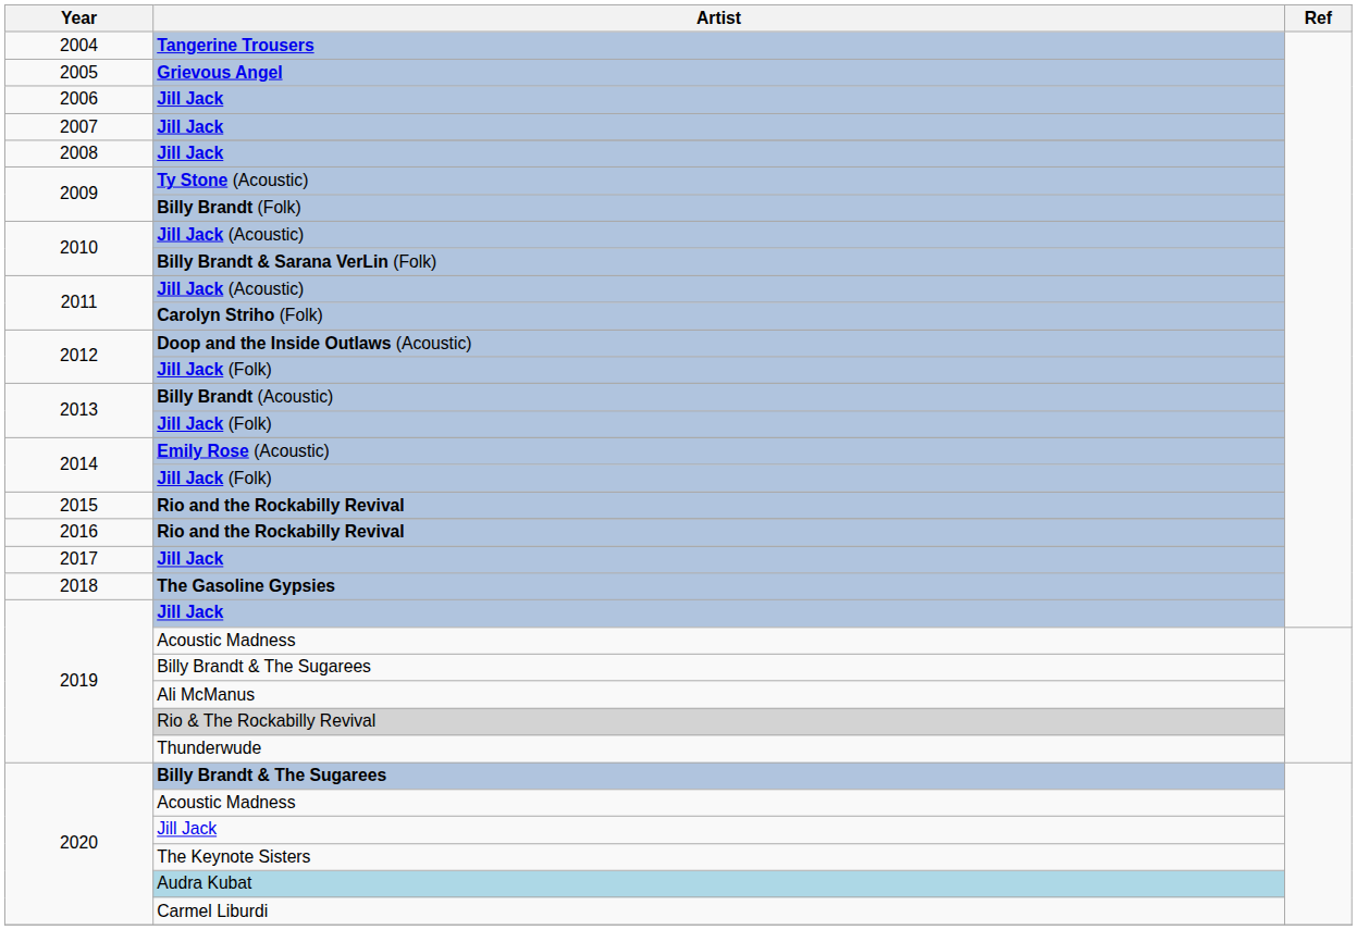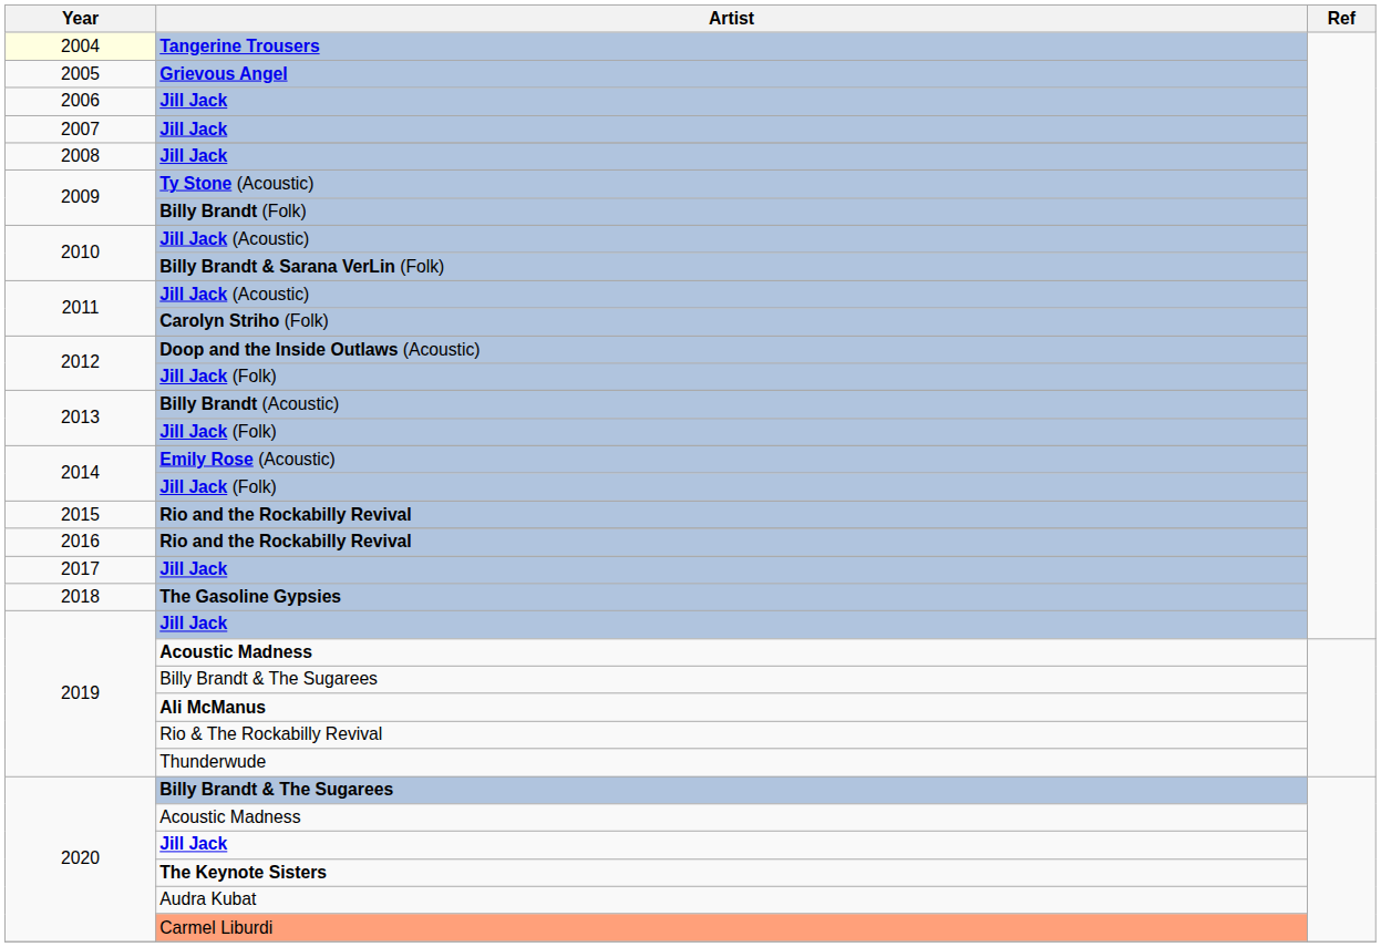 <table class="wikitable" style="width:100%;">
 <tr>
 <th style="width:11%;">Year</th>
 <th style="width:84%;">Artist</th>
 <th style="width:5%;">Ref</th>
 </tr>
 <tr>
-<td align="center">2004</td>
+<td align="center" style="background: lightyellow;">2004</td>
 <td style="background:#B0C4DE"><strong><a href='#'>Tangerine Trousers</a></strong></td>
 <td rowspan="33"></td>
 </tr>
 <tr>
 <td align="center">2005</td>
 <td style="background:#B0C4DE"><strong><a href='#'>Grievous Angel</a></strong></td>
 </tr>
 <tr>
 <td align="center">2006</td>
 <td style="background:#B0C4DE"><strong><a href='#'>Jill Jack</a></strong></td>
 </tr>
 <tr>
 <td rowspan="2" align="center">2007</td>
 </tr>
 <tr style="background:#B0C4DE">
 <td><strong><a href='#'>Jill Jack</a></strong></td>
 </tr>
 <tr>
 <td rowspan="2" align="center">2008</td>
 </tr>
 <tr style="background:#B0C4DE">
 <td><strong><a href='#'>Jill Jack</a></strong></td>
 </tr>
 <tr>
 <td rowspan="3" align="center">2009</td>
 </tr>
 <tr style="background:#B0C4DE">
 <td><strong><a href='#'>Ty Stone</a></strong> (Acoustic)</td>
 </tr>
 <tr style="background:#B0C4DE">
 <td><strong>Billy Brandt</strong> (Folk)</td>
 </tr>
 <tr>
 <td rowspan="3" align="center">2010</td>
 </tr>
 <tr style="background:#B0C4DE">
 <td><strong><a href='#'>Jill Jack</a></strong> (Acoustic)</td>
 </tr>
 <tr style="background:#B0C4DE">
 <td><strong>Billy Brandt & Sarana VerLin</strong> (Folk)</td>
 </tr>
 <tr>
 <td rowspan="3" align="center">2011</td>
 </tr>
 <tr style="background:#B0C4DE">
 <td><strong><a href='#'>Jill Jack</a></strong> (Acoustic)</td>
 </tr>
 <tr style="background:#B0C4DE">
 <td><strong>Carolyn Striho</strong> (Folk)</td>
 </tr>
 <tr>
 <td rowspan="3" align="center">2012</td>
 </tr>
 <tr style="background:#B0C4DE">
 <td><strong>Doop and the Inside Outlaws</strong> (Acoustic)</td>
 </tr>
 <tr style="background:#B0C4DE">
 <td><strong><a href='#'>Jill Jack</a></strong> (Folk)</td>
 </tr>
 <tr>
 <td rowspan="3" align="center">2013</td>
 </tr>
 <tr style="background:#B0C4DE">
 <td><strong>Billy Brandt</strong> (Acoustic)</td>
 </tr>
 <tr style="background:#B0C4DE">
 <td><strong><a href='#'>Jill Jack</a></strong> (Folk)</td>
 </tr>
 <tr>
 <td rowspan="3" align="center">2014</td>
 </tr>
 <tr style="background:#B0C4DE">
 <td><a href='#'><strong>Emily Rose</strong></a> (Acoustic)</td>
 </tr>
 <tr style="background:#B0C4DE">
 <td><strong><a href='#'>Jill Jack</a></strong> (Folk)</td>
 </tr>
 <tr>
 <td rowspan="2" align="center">2015</td>
 </tr>
 <tr style="background:#B0C4DE">
 <td><strong>Rio and the Rockabilly Revival</strong></td>
 </tr>
 <tr>
 <td rowspan="2" align="center">2016</td>
 </tr>
 <tr style="background:#B0C4DE">
 <td><strong>Rio and the Rockabilly Revival</strong></td>
 </tr>
 <tr>
 <td rowspan="2" align="center">2017</td>
 </tr>
 <tr style="background:#B0C4DE">
 <td><strong><a href='#'>Jill Jack</a></strong></td>
 </tr>
 <tr>
 <td align="center">2018</td>
 <td style="background:#B0C4DE"><strong>The Gasoline Gypsies</strong></td>
 </tr>
 <tr>
 <td rowspan="6" align="center">2019</td>
 <td style="background:#B0C4DE"><strong><a href='#'>Jill Jack</a></strong></td>
 </tr>
 <tr>
-<td>Acoustic Madness</td>
+<td><strong>Acoustic Madness</strong></td>
 <td rowspan="5"></td>
 </tr>
 <tr>
 <td>Billy Brandt & The Sugarees</td>
 </tr>
 <tr>
-<td>Ali McManus</td>
+<td><strong>Ali McManus</strong></td>
 </tr>
 <tr>
-<td style="background: lightgrey;">Rio & The Rockabilly Revival</td>
+<td>Rio & The Rockabilly Revival</td>
 </tr>
 <tr>
 <td>Thunderwude</td>
 </tr>
 <tr>
 <td rowspan="6" align="center">2020</td>
 <td style="background:#B0C4DE"><strong>Billy Brandt & The Sugarees</strong></td>
 <td rowspan="6"></td>
 </tr>
 <tr>
 <td>Acoustic Madness</td>
 </tr>
 <tr>
-<td><a href='#'>Jill Jack</a></td>
+<td><strong><a href='#'>Jill Jack</a></strong></td>
 </tr>
 <tr>
-<td>The Keynote Sisters</td>
+<td><strong>The Keynote Sisters</strong></td>
 </tr>
 <tr>
-<td style="background: lightblue;">Audra Kubat</td>
+<td>Audra Kubat</td>
 </tr>
 <tr>
-<td>Carmel Liburdi</td>
+<td style="background: lightsalmon;">Carmel Liburdi</td>
 </tr>
 <tr>
 </tr>
 </table>
